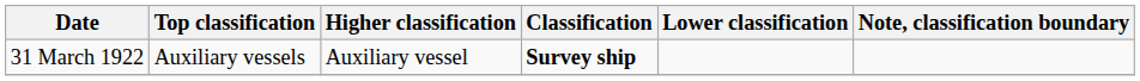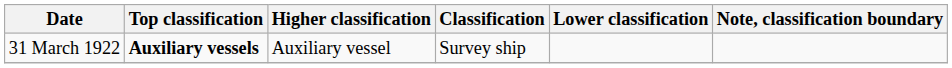 <table class="wikitable">
 <tr>
 <th>Date</th>
 <th>Top classification</th>
 <th>Higher classification</th>
 <th>Classification</th>
 <th>Lower classification</th>
 <th>Note, classification boundary</th>
 </tr>
 <tr>
 <td>31 March 1922</td>
-<td>Auxiliary vessels</td>
+<td><strong>Auxiliary vessels</strong></td>
 <td>Auxiliary vessel</td>
-<td><strong>Survey ship</strong></td>
+<td>Survey ship</td>
 <td></td>
 <td></td>
 </tr>
 <tr>
 </tr>
 </table>
